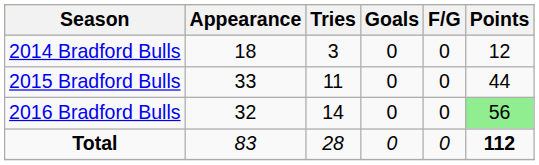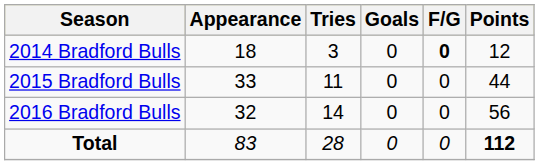 <table class="wikitable" style="text-align:center;">
 <tr bgcolor=#bdb76b>
 <th>Season</th>
 <th>Appearance</th>
 <th>Tries</th>
 <th>Goals</th>
 <th>F/G</th>
 <th>Points</th>
 </tr>
 <tr>
 <td><a href='#'>2014 Bradford Bulls</a></td>
 <td>18</td>
 <td>3</td>
 <td>0</td>
-<td>0</td>
+<td><strong>0</strong></td>
 <td>12</td>
 </tr>
 <tr>
 <td><a href='#'>2015 Bradford Bulls</a></td>
 <td>33</td>
 <td>11</td>
 <td>0</td>
 <td>0</td>
 <td>44</td>
 </tr>
 <tr>
 <td><a href='#'>2016 Bradford Bulls</a></td>
 <td>32</td>
 <td>14</td>
 <td>0</td>
 <td>0</td>
-<td style="background: lightgreen;">56</td>
+<td>56</td>
 </tr>
 <tr>
 <td><strong>Total</strong></td>
 <td><em>83</em></td>
 <td><em>28</em></td>
 <td><em>0</em></td>
 <td><em>0</em></td>
 <td><strong>112</strong></td>
 </tr>
 <tr>
 </tr>
 </table>
